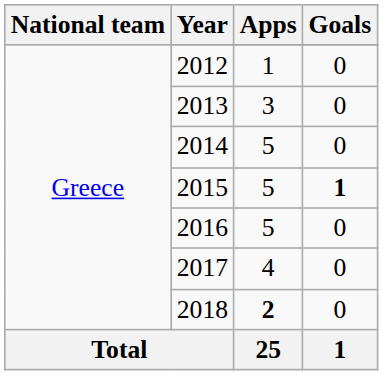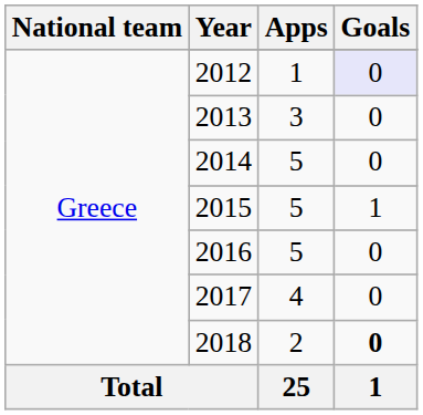 <table class="wikitable" style="text-align:center">
 <tr>
 <th>National team</th>
 <th>Year</th>
 <th>Apps</th>
 <th>Goals</th>
 </tr>
 <tr>
 <td rowspan="8"><a href='#'>Greece</a></td>
 </tr>
 <tr>
 <td>2012</td>
 <td>1</td>
-<td>0</td>
+<td style="background: lavender;">0</td>
 </tr>
 <tr>
 <td>2013</td>
 <td>3</td>
 <td>0</td>
 </tr>
 <tr>
 <td>2014</td>
 <td>5</td>
 <td>0</td>
 </tr>
 <tr>
 <td>2015</td>
 <td>5</td>
-<td><strong>1</strong></td>
+<td>1</td>
 </tr>
 <tr>
 <td>2016</td>
 <td>5</td>
 <td>0</td>
 </tr>
 <tr>
 <td>2017</td>
 <td>4</td>
 <td>0</td>
 </tr>
 <tr>
 <td>2018</td>
-<td><strong>2</strong></td>
-<td>0</td>
+<td>2</td>
+<td><strong>0</strong></td>
 </tr>
 <tr>
 <th colspan="2">Total</th>
 <th>25</th>
 <th>1</th>
 </tr>
 </table>
